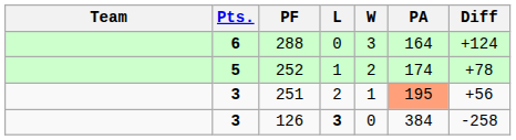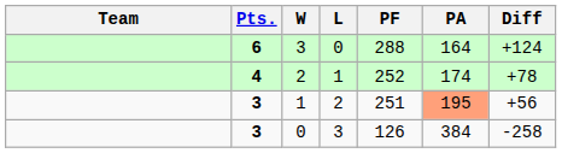 <table class=wikitable style="font-size:90%;">
 <tr align=center>
 <th width=150px>Team</th>
 <th width=30px><a href='#'>Pts.</a></th>
+<th width=20px>W</th>
+<th width=20px>L</th>
 <th width=40px>PF</th>
-<th width=20px>L</th>
-<th width=20px>W</th>
 <th width=40px>PA</th>
 <th width=40px>Diff</th>
 </tr>
 <tr align=center bgcolor="#ccffcc">
 <td align=left></td>
 <td><strong>6</strong></td>
+<td>3</td>
+<td>0</td>
 <td>288</td>
-<td>0</td>
-<td>3</td>
 <td>164</td>
 <td>+124</td>
 </tr>
 <tr align=center bgcolor="#ccffcc">
 <td align=left></td>
-<td><strong>5</strong></td>
+<td><strong>4</strong></td>
+<td>2</td>
+<td>1</td>
 <td>252</td>
-<td>1</td>
-<td>2</td>
 <td>174</td>
 <td>+78</td>
 </tr>
 <tr align=center>
 <td align=left></td>
 <td><strong>3</strong></td>
+<td>1</td>
+<td>2</td>
 <td>251</td>
-<td>2</td>
-<td>1</td>
 <td style="background: lightsalmon;">195</td>
 <td>+56</td>
 </tr>
 <tr align=center>
 <td align=left></td>
 <td><strong>3</strong></td>
+<td>0</td>
+<td>3</td>
 <td>126</td>
-<td><strong>3</strong></td>
-<td>0</td>
 <td>384</td>
 <td>-258</td>
 </tr>
 </table>
